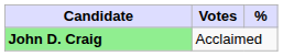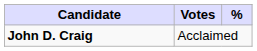 <table class="wikitable">
 <tr>
 <th style="background:#ddf; width:200px;">Candidate</th>
 <th style="background:#ddf; width:50px;">Votes</th>
 <th style="background:#ddf; width:30px;">%</th>
 </tr>
 <tr>
-<td style="background: lightgreen;"><strong>John D. Craig</strong></td>
+<td><strong>John D. Craig</strong></td>
 <td colspan="2">Acclaimed</td>
 </tr>
 </table>
